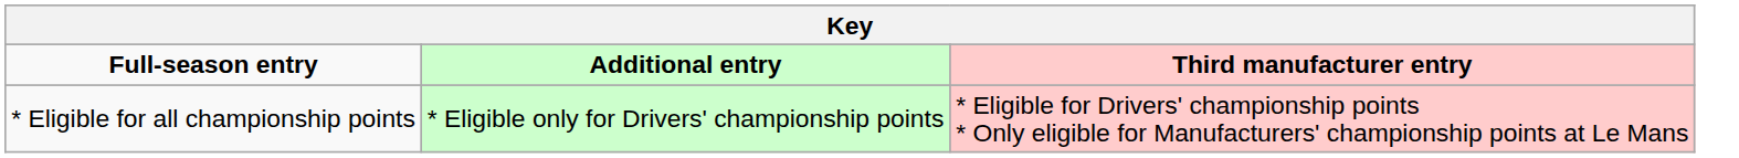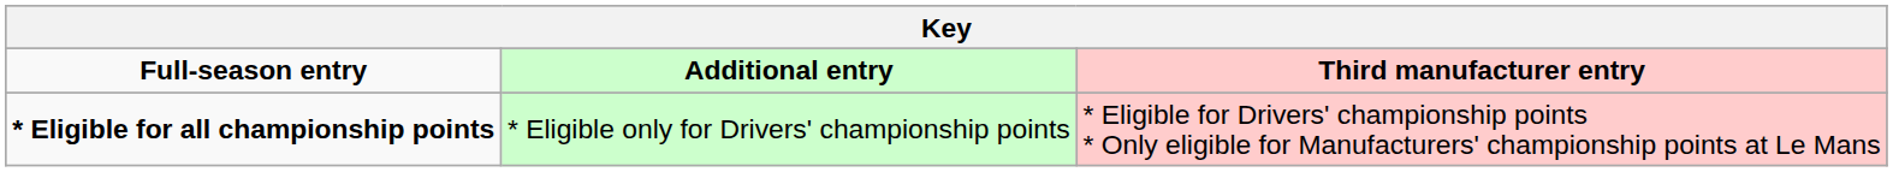 <table class="wikitable" style="font-size: 85%;">
 <tr>
 <th colspan=3>Key</th>
 </tr>
 <tr>
 <td align="center"><strong>Full-season entry</strong></td>
 <td align="center" style="background-color: #ccffcc"><strong>Additional entry</strong></td>
 <td align="center" style="background-color: #ffcccc"><strong>Third manufacturer entry</strong></td>
 </tr>
 <tr>
-<td>* Eligible for all championship points</td>
+<td><strong>* Eligible for all championship points</strong></td>
 <td style="background-color: #ccffcc">* Eligible only for Drivers' championship points</td>
 <td style="background-color: #ffcccc">* Eligible for Drivers' championship points<br>* Only eligible for Manufacturers' championship points at Le Mans</td>
 </tr>
 </table>
